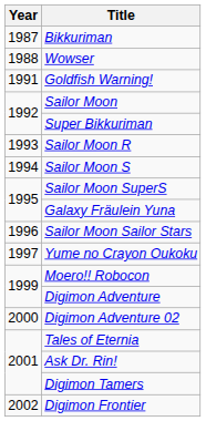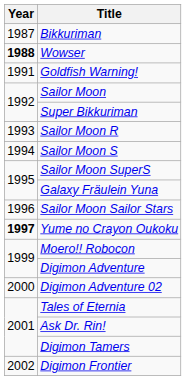 <table class="wikitable sortable">
 <tr>
 <th>Year</th>
 <th>Title</th>
 </tr>
 <tr>
 <td>1987</td>
 <td><em><a href='#'>Bikkuriman</a></em></td>
 </tr>
 <tr>
-<td>1988</td>
+<td><strong>1988</strong></td>
 <td><em><a href='#'>Wowser</a></em></td>
 </tr>
 <tr>
 <td>1991</td>
 <td><em><a href='#'>Goldfish Warning!</a></em></td>
 </tr>
 <tr>
 <td rowspan="2">1992</td>
 <td><em><a href='#'>Sailor Moon</a></em></td>
 </tr>
 <tr>
 <td><em><a href='#'>Super Bikkuriman</a></em></td>
 </tr>
 <tr>
 <td>1993</td>
 <td><em><a href='#'>Sailor Moon R</a></em></td>
 </tr>
 <tr>
 <td>1994</td>
 <td><em><a href='#'>Sailor Moon S</a></em></td>
 </tr>
 <tr>
 <td rowspan="2">1995</td>
 <td><em><a href='#'>Sailor Moon SuperS</a></em></td>
 </tr>
 <tr>
 <td><em><a href='#'>Galaxy Fräulein Yuna</a></em></td>
 </tr>
 <tr>
 <td>1996</td>
 <td><em><a href='#'>Sailor Moon Sailor Stars</a></em></td>
 </tr>
 <tr>
-<td>1997</td>
+<td><strong>1997</strong></td>
 <td><em><a href='#'>Yume no Crayon Oukoku</a></em></td>
 </tr>
 <tr>
 <td rowspan="2">1999</td>
 <td><em><a href='#'>Moero!! Robocon</a></em></td>
 </tr>
 <tr>
 <td><em><a href='#'>Digimon Adventure</a></em></td>
 </tr>
 <tr>
 <td>2000</td>
 <td><em><a href='#'>Digimon Adventure 02</a></em></td>
 </tr>
 <tr>
 <td rowspan="3">2001</td>
 <td><em><a href='#'>Tales of Eternia</a></em></td>
 </tr>
 <tr>
 <td><em><a href='#'>Ask Dr. Rin!</a></em></td>
 </tr>
 <tr>
 <td><em><a href='#'>Digimon Tamers</a></em></td>
 </tr>
 <tr>
 <td>2002</td>
 <td><em><a href='#'>Digimon Frontier</a></em></td>
 </tr>
 </table>
